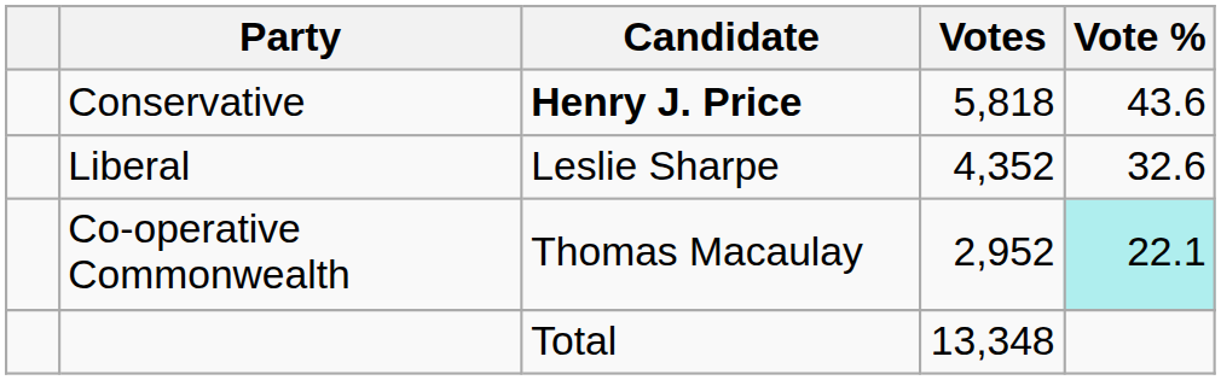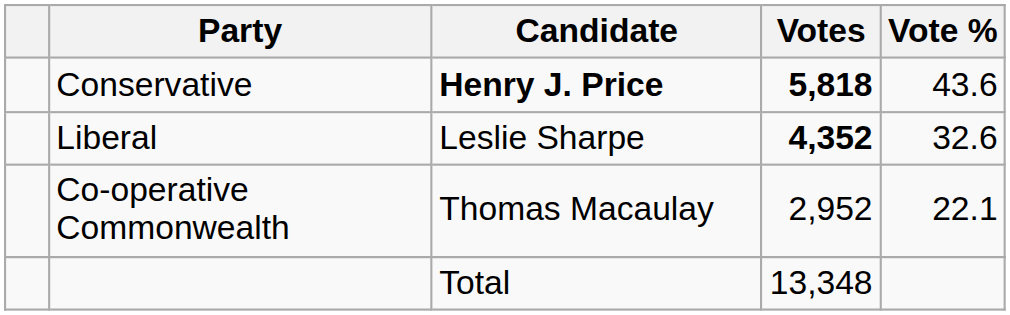 <table class="wikitable">
 <tr>
 <th></th>
 <th scope="col" width="175">Party</th>
 <th scope="col" width="150">Candidate</th>
 <th>Votes</th>
 <th>Vote %</th>
 </tr>
 <tr>
 <td>   </td>
 <td>Conservative</td>
 <td><strong>Henry J. Price</strong></td>
-<td align=right>5,818</td>
+<td align=right><strong>5,818</strong></td>
 <td align=right>43.6</td>
 </tr>
 <tr |>
 <td>   </td>
 <td>Liberal</td>
 <td>Leslie Sharpe</td>
-<td align=right>4,352</td>
+<td align=right><strong>4,352</strong></td>
 <td align=right>32.6</td>
 </tr>
 <tr |>
 <td>   </td>
 <td>Co-operative Commonwealth</td>
 <td>Thomas Macaulay</td>
 <td align=right>2,952</td>
-<td align=right style="background: paleturquoise;">22.1</td>
+<td align=right>22.1</td>
 </tr>
 <tr |>
 </tr>
 <tr | |>
 <td></td>
 <td></td>
 <td>Total</td>
 <td align=right>13,348</td>
 <td></td>
 </tr>
 </table>
